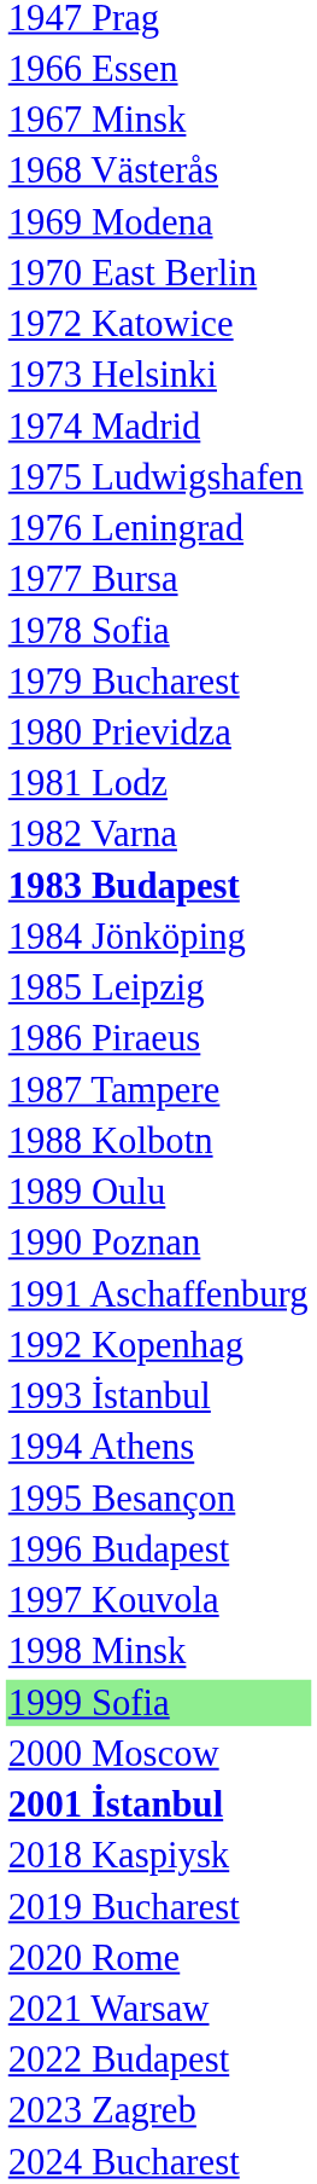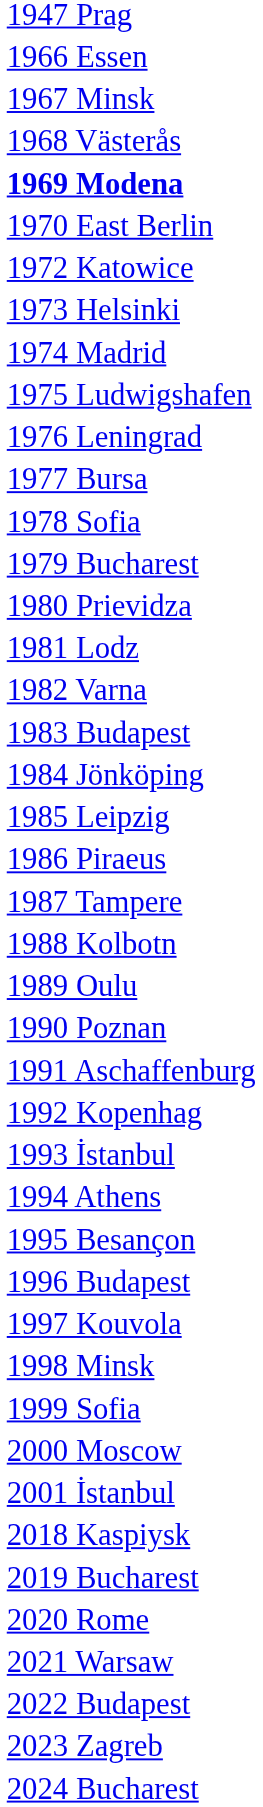 <table>
 <tr>
 <td><a href='#'>1947 Prag</a></td>
 <td></td>
 <td></td>
 <td></td>
 </tr>
 <tr>
 <td><a href='#'>1966 Essen</a></td>
 <td></td>
 <td></td>
 <td></td>
 </tr>
 <tr>
 <td><a href='#'>1967 Minsk</a></td>
 <td></td>
 <td></td>
 <td></td>
 </tr>
 <tr>
 <td><a href='#'>1968 Västerås</a></td>
 <td></td>
 <td></td>
 <td></td>
 </tr>
 <tr>
-<td><a href='#'>1969 Modena</a></td>
+<td><strong><a href='#'>1969 Modena</a></strong></td>
 <td></td>
 <td></td>
 <td></td>
 </tr>
 <tr>
 <td><a href='#'>1970 East Berlin</a></td>
 <td></td>
 <td></td>
 <td></td>
 </tr>
 <tr>
 <td><a href='#'>1972 Katowice</a></td>
 <td></td>
 <td></td>
 <td></td>
 </tr>
 <tr>
 <td><a href='#'>1973 Helsinki</a></td>
 <td></td>
 <td></td>
 <td></td>
 </tr>
 <tr>
 <td><a href='#'>1974 Madrid</a></td>
 <td></td>
 <td></td>
 <td></td>
 </tr>
 <tr>
 <td><a href='#'>1975 Ludwigshafen</a></td>
 <td></td>
 <td></td>
 <td></td>
 </tr>
 <tr>
 <td><a href='#'>1976 Leningrad</a></td>
 <td></td>
 <td></td>
 <td></td>
 </tr>
 <tr>
 <td><a href='#'>1977 Bursa</a></td>
 <td></td>
 <td></td>
 <td></td>
 </tr>
 <tr>
 <td><a href='#'>1978 Sofia</a></td>
 <td></td>
 <td></td>
 <td></td>
 </tr>
 <tr>
 <td><a href='#'>1979 Bucharest</a></td>
 <td></td>
 <td></td>
 <td></td>
 </tr>
 <tr>
 <td><a href='#'>1980 Prievidza</a></td>
 <td></td>
 <td></td>
 <td></td>
 </tr>
 <tr>
 <td><a href='#'>1981 Lodz</a></td>
 <td></td>
 <td></td>
 <td></td>
 </tr>
 <tr>
 <td><a href='#'>1982 Varna</a></td>
 <td></td>
 <td></td>
 <td></td>
 </tr>
 <tr>
-<td><strong><a href='#'>1983 Budapest</a></strong></td>
+<td><a href='#'>1983 Budapest</a></td>
 <td></td>
 <td></td>
 <td></td>
 </tr>
 <tr>
 <td><a href='#'>1984 Jönköping</a></td>
 <td></td>
 <td></td>
 <td></td>
 </tr>
 <tr>
 <td><a href='#'>1985 Leipzig</a></td>
 <td></td>
 <td></td>
 <td></td>
 </tr>
 <tr>
 <td><a href='#'>1986 Piraeus</a></td>
 <td></td>
 <td></td>
 <td></td>
 </tr>
 <tr>
 <td><a href='#'>1987 Tampere</a></td>
 <td></td>
 <td></td>
 <td></td>
 </tr>
 <tr>
 <td><a href='#'>1988 Kolbotn</a></td>
 <td></td>
 <td></td>
 <td></td>
 </tr>
 <tr>
 <td><a href='#'>1989 Oulu</a></td>
 <td></td>
 <td></td>
 <td></td>
 </tr>
 <tr>
 <td><a href='#'>1990 Poznan</a></td>
 <td></td>
 <td></td>
 <td></td>
 </tr>
 <tr>
 <td><a href='#'>1991 Aschaffenburg</a></td>
 <td></td>
 <td></td>
 <td></td>
 </tr>
 <tr>
 <td><a href='#'>1992 Kopenhag</a></td>
 <td></td>
 <td></td>
 <td></td>
 </tr>
 <tr>
 <td><a href='#'>1993 İstanbul</a></td>
 <td></td>
 <td></td>
 <td></td>
 </tr>
 <tr>
 <td><a href='#'>1994 Athens</a></td>
 <td></td>
 <td></td>
 <td></td>
 </tr>
 <tr>
 <td><a href='#'>1995 Besançon</a></td>
 <td></td>
 <td></td>
 <td></td>
 </tr>
 <tr>
 <td><a href='#'>1996 Budapest</a></td>
 <td></td>
 <td></td>
 <td></td>
 </tr>
 <tr>
 <td><a href='#'>1997 Kouvola</a></td>
 <td></td>
 <td></td>
 <td></td>
 </tr>
 <tr>
 <td><a href='#'>1998 Minsk</a></td>
 <td></td>
 <td></td>
 <td></td>
 </tr>
 <tr>
-<td style="background: lightgreen;"><a href='#'>1999 Sofia</a></td>
+<td><a href='#'>1999 Sofia</a></td>
 <td></td>
 <td></td>
 <td></td>
 </tr>
 <tr>
 <td><a href='#'>2000 Moscow</a></td>
 <td></td>
 <td></td>
 <td></td>
 </tr>
 <tr>
-<td><strong><a href='#'>2001 İstanbul</a></strong></td>
+<td><a href='#'>2001 İstanbul</a></td>
 <td></td>
 <td></td>
 <td></td>
 </tr>
 <tr>
 <td rowspan=2><a href='#'>2018 Kaspiysk</a></td>
 <td rowspan=2></td>
 <td rowspan=2></td>
 <td></td>
 </tr>
 <tr>
 <td></td>
 </tr>
 <tr>
 <td rowspan=2><a href='#'>2019 Bucharest</a></td>
 <td rowspan=2></td>
 <td rowspan=2></td>
 <td></td>
 </tr>
 <tr>
 <td></td>
 </tr>
 <tr>
 <td rowspan=2><a href='#'>2020 Rome</a></td>
 <td rowspan=2></td>
 <td rowspan=2></td>
 <td></td>
 </tr>
 <tr>
 <td></td>
 </tr>
 <tr>
 <td rowspan=2><a href='#'>2021 Warsaw</a></td>
 <td rowspan=2></td>
 <td rowspan=2></td>
 <td></td>
 </tr>
 <tr>
 <td></td>
 </tr>
 <tr>
 <td rowspan=2><a href='#'>2022 Budapest</a></td>
 <td rowspan=2></td>
 <td rowspan=2></td>
 <td></td>
 </tr>
 <tr>
 <td></td>
 </tr>
 <tr>
 <td rowspan=2><a href='#'>2023 Zagreb</a></td>
 <td rowspan=2></td>
 <td rowspan=2></td>
 <td></td>
 </tr>
 <tr>
 <td></td>
 </tr>
 <tr>
 <td rowspan=2><a href='#'>2024 Bucharest</a></td>
 <td rowspan=2></td>
 <td rowspan=2></td>
 <td></td>
 </tr>
 <tr>
 <td></td>
 </tr>
 </table>
